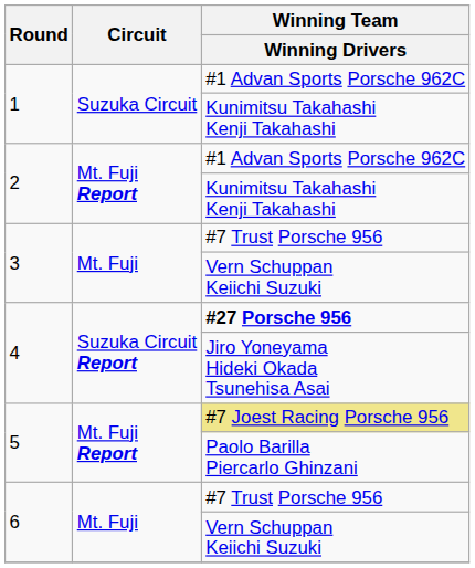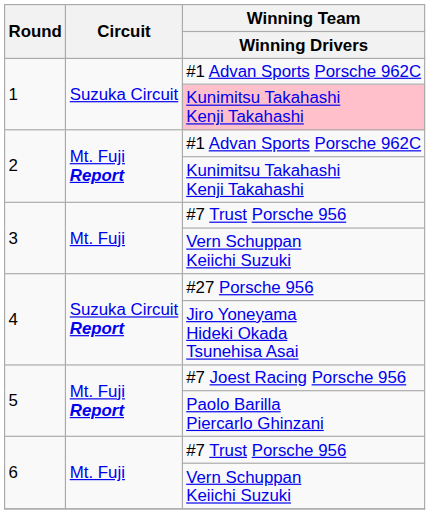 <table class="wikitable" style="font-size: 90%;">
 <tr>
 <th rowspan=2>Round</th>
 <th rowspan=2>Circuit</th>
 <th>Winning Team</th>
 </tr>
 <tr>
 <th>Winning Drivers</th>
 </tr>
 <tr>
 <td rowspan=2>1</td>
 <td rowspan=2><a href='#'>Suzuka Circuit</a></td>
 <td>#1 <a href='#'>Advan Sports</a>  <a href='#'>Porsche 962C</a></td>
 </tr>
 <tr>
-<td> <a href='#'>Kunimitsu Takahashi</a><br> <a href='#'>Kenji Takahashi</a></td>
+<td style="background: pink;"> <a href='#'>Kunimitsu Takahashi</a><br> <a href='#'>Kenji Takahashi</a></td>
 </tr>
 <tr>
 <td rowspan=2>2</td>
 <td rowspan=2><a href='#'>Mt. Fuji</a><br><strong><em><a href='#'>Report</a></em></strong></td>
 <td>#1 <a href='#'>Advan Sports</a>  <a href='#'>Porsche 962C</a></td>
 </tr>
 <tr>
 <td> <a href='#'>Kunimitsu Takahashi</a><br> <a href='#'>Kenji Takahashi</a></td>
 </tr>
 <tr>
 <td rowspan=2>3</td>
 <td rowspan=2><a href='#'>Mt. Fuji</a></td>
 <td>#7 <a href='#'>Trust</a>  <a href='#'>Porsche 956</a></td>
 </tr>
 <tr>
 <td> <a href='#'>Vern Schuppan</a><br> <a href='#'>Keiichi Suzuki</a></td>
 </tr>
 <tr>
 <td rowspan=2>4</td>
 <td rowspan=2><a href='#'>Suzuka Circuit</a><br><strong><em><a href='#'>Report</a></em></strong></td>
-<td><strong>#27   <a href='#'>Porsche 956</a></strong></td>
+<td>#27   <a href='#'>Porsche 956</a></td>
 </tr>
 <tr>
 <td> <a href='#'>Jiro Yoneyama</a><br> <a href='#'>Hideki Okada</a><br> <a href='#'>Tsunehisa Asai</a></td>
 </tr>
 <tr>
 <td rowspan=2>5</td>
 <td rowspan=2><a href='#'>Mt. Fuji</a><br><strong><em><a href='#'>Report</a></em></strong></td>
-<td style="background: khaki;">#7 <a href='#'>Joest Racing</a> <a href='#'>Porsche 956</a></td>
+<td>#7 <a href='#'>Joest Racing</a> <a href='#'>Porsche 956</a></td>
 </tr>
 <tr>
 <td> <a href='#'>Paolo Barilla</a><br> <a href='#'>Piercarlo Ghinzani</a></td>
 </tr>
 <tr>
 <td rowspan=2>6</td>
 <td rowspan=2><a href='#'>Mt. Fuji</a></td>
 <td>#7 <a href='#'>Trust</a>  <a href='#'>Porsche 956</a></td>
 </tr>
 <tr>
 <td> <a href='#'>Vern Schuppan</a><br> <a href='#'>Keiichi Suzuki</a></td>
 </tr>
 <tr>
 </tr>
 </table>
